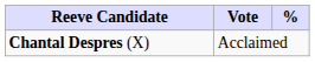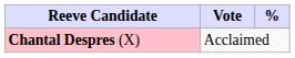 <table class="wikitable">
 <tr>
 <th style="background:#ddf; width:200px;">Reeve Candidate</th>
 <th style="background:#ddf; width:50px;">Vote</th>
 <th style="background:#ddf; width:30px;">%</th>
 </tr>
 <tr>
-<td><strong>Chantal Despres</strong> (X)</td>
+<td style="background: pink;"><strong>Chantal Despres</strong> (X)</td>
 <td colspan="2">Acclaimed</td>
 </tr>
 </table>
